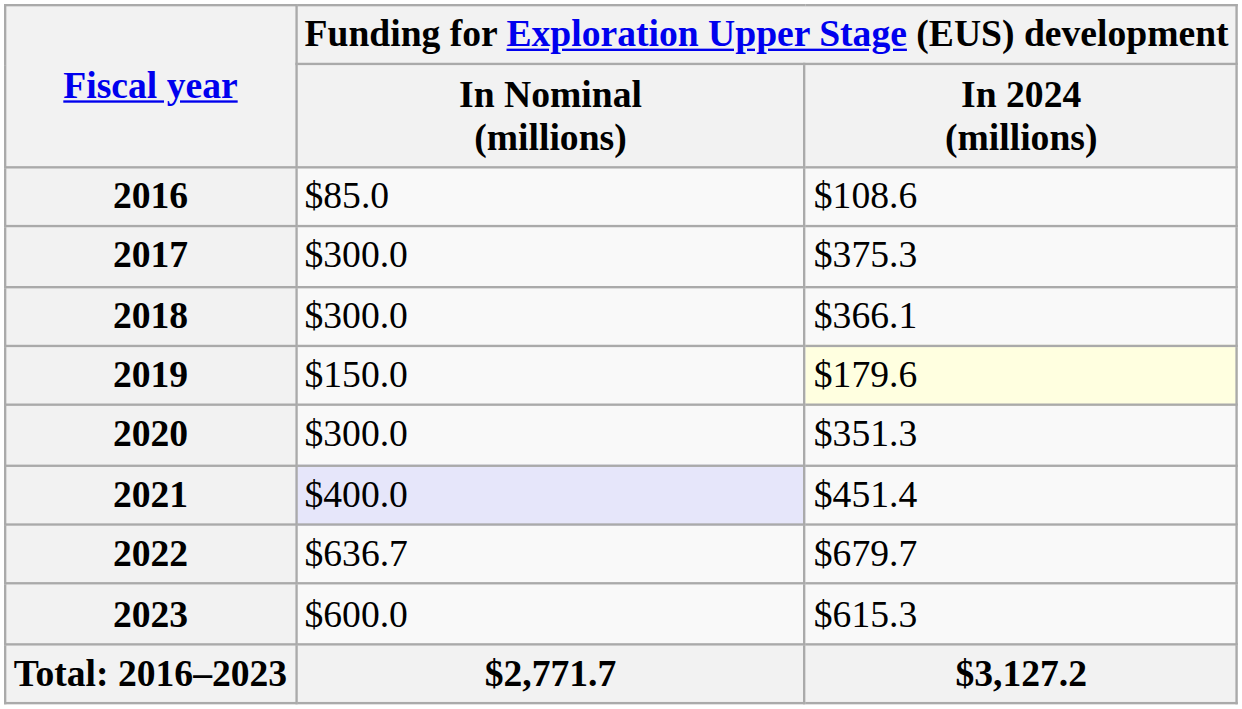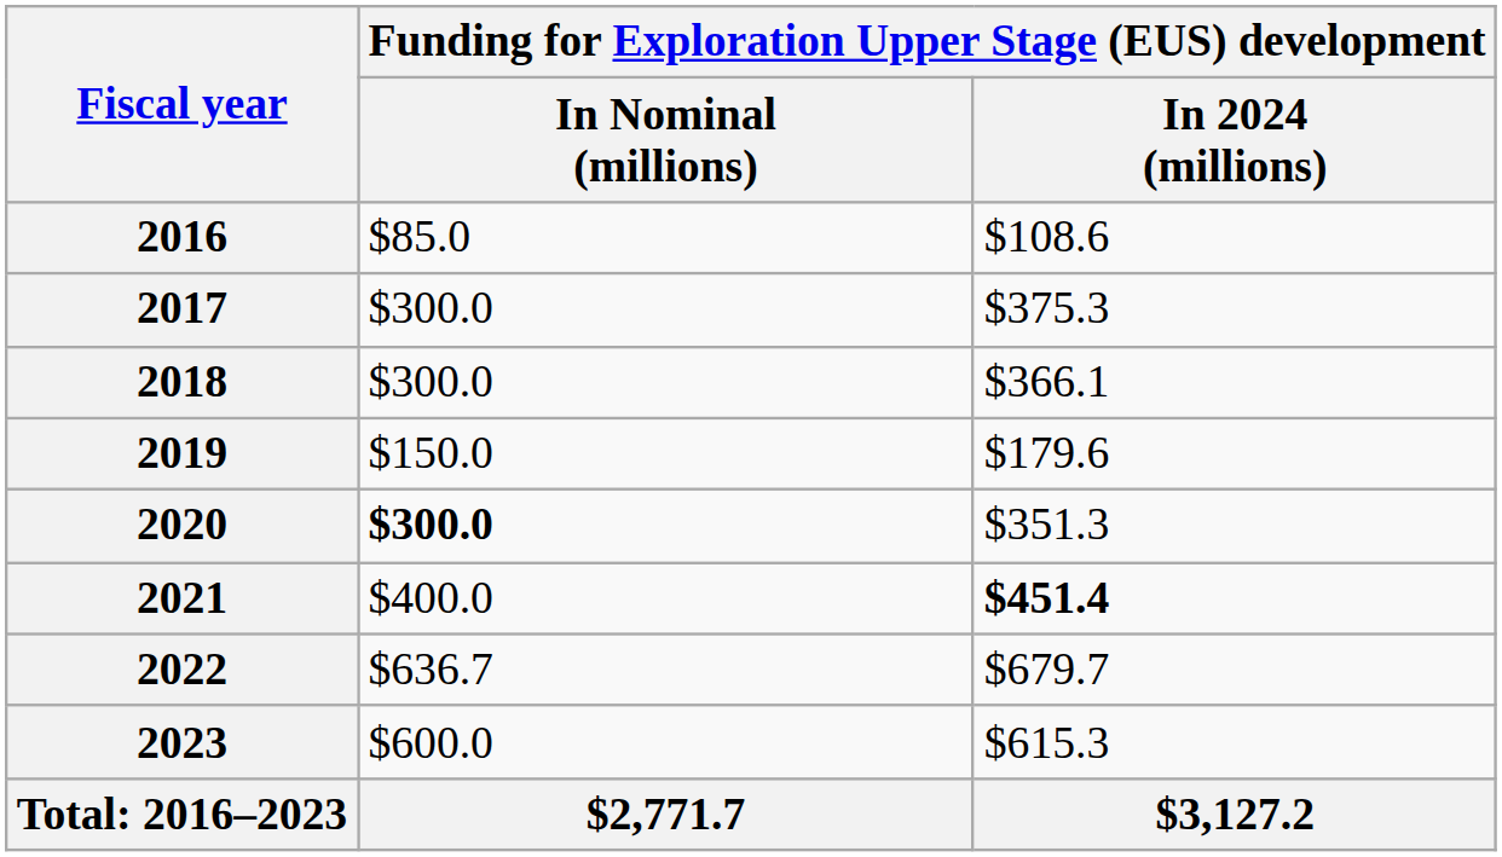 <table class="wikitable plainrowheaders">
 <tr>
 <th rowspan=2 scope="col"><a href='#'>Fiscal year</a></th>
 <th colspan=2 scope="col">Funding for <a href='#'>Exploration Upper Stage</a> (EUS) development</th>
 </tr>
 <tr>
 <th scope="col">In Nominal<br>(millions)</th>
 <th scope="col">In 2024<br>(millions)</th>
 </tr>
 <tr>
 <th scope="row">2016</th>
 <td>$85.0</td>
 <td>$108.6</td>
 </tr>
 <tr>
 <th scope="row">2017</th>
 <td>$300.0</td>
 <td>$375.3</td>
 </tr>
 <tr>
 <th scope="row">2018</th>
 <td>$300.0</td>
 <td>$366.1</td>
 </tr>
 <tr>
 <th scope="row">2019</th>
 <td>$150.0</td>
-<td style="background: lightyellow;">$179.6</td>
+<td>$179.6</td>
 </tr>
 <tr>
 <th scope="row">2020</th>
-<td>$300.0</td>
+<td><strong>$300.0</strong></td>
 <td>$351.3</td>
 </tr>
 <tr>
 <th scope="row">2021</th>
-<td style="background: lavender;">$400.0</td>
-<td>$451.4</td>
+<td>$400.0</td>
+<td><strong>$451.4</strong></td>
 </tr>
 <tr>
 <th scope="row">2022</th>
 <td>$636.7</td>
 <td>$679.7</td>
 </tr>
 <tr>
 <th scope="row">2023</th>
 <td>$600.0</td>
 <td>$615.3</td>
 </tr>
 <tr>
 <th>Total: 2016–2023</th>
 <th scope="col">$2,771.7</th>
 <th scope="col">$3,127.2</th>
 </tr>
 </table>
